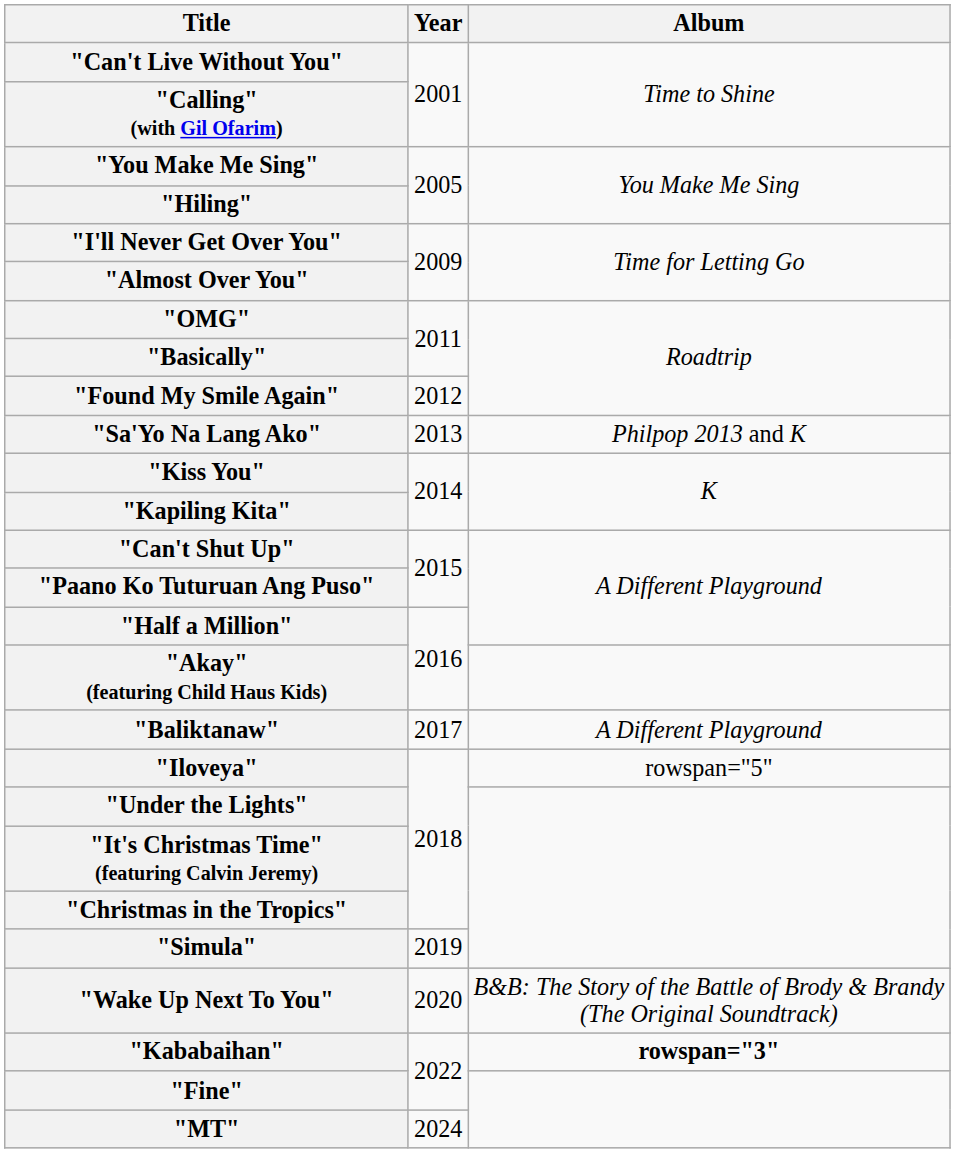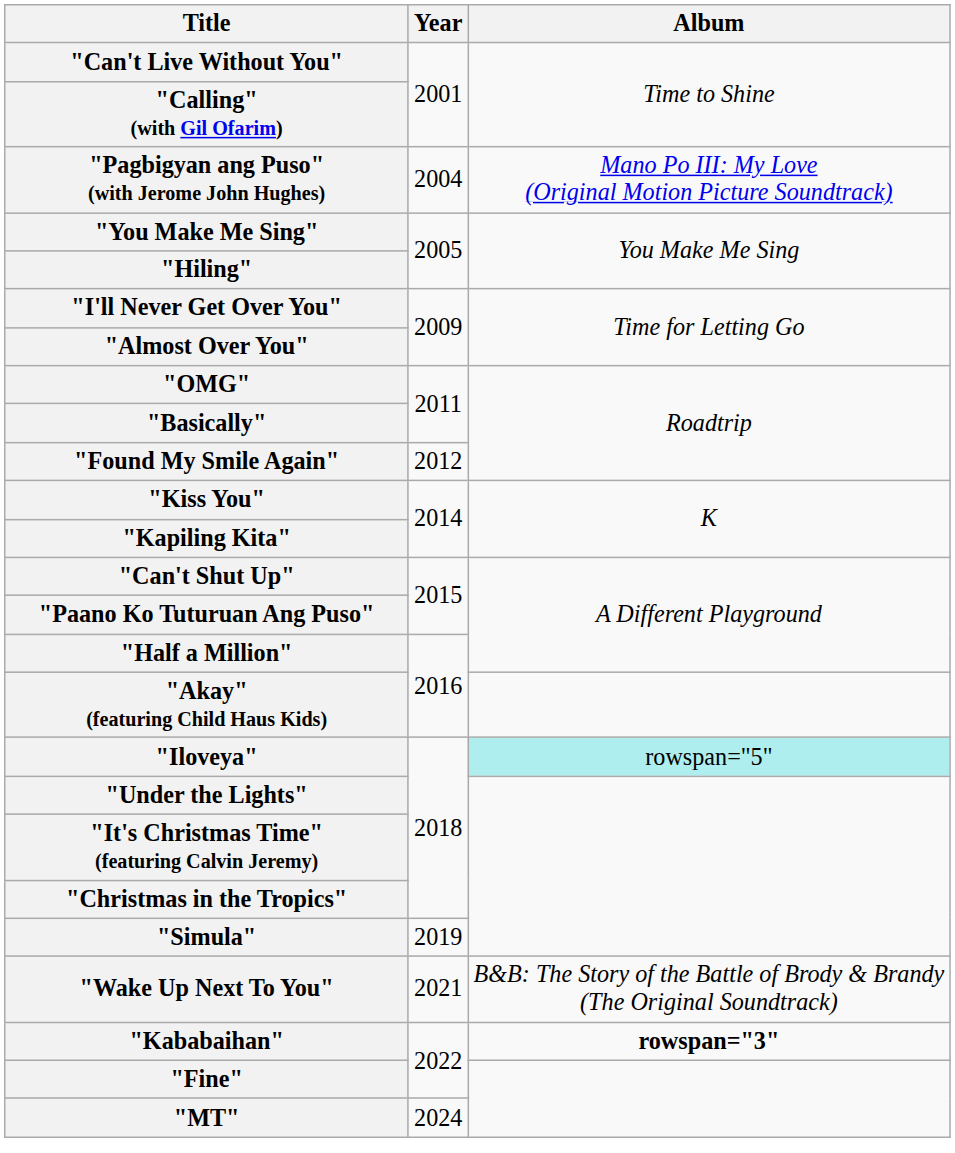 <table class="wikitable plainrowheaders" style="text-align:center;">
 <tr>
 <th scope="col" width="260">Title</th>
 <th scope="col">Year</th>
 <th scope="col">Album</th>
 </tr>
 <tr>
 <th scope="row">"Can't Live Without You"</th>
 <td rowspan=2>2001</td>
 <td rowspan=2><em>Time to Shine</em></td>
 </tr>
 <tr>
 <th scope="row">"Calling" <br><small>(with <a href='#'>Gil Ofarim</a>)<br></small></th>
+</tr>
+<tr>
+<th scope="row">"Pagbigyan ang Puso" <br><small>(with Jerome John Hughes)<br></small></th>
+<td>2004</td>
+<td><em><a href='#'>Mano Po III: My Love <br>(Original Motion Picture Soundtrack)</a><br></em></td>
 </tr>
 <tr>
 <th scope="row">"You Make Me Sing"</th>
 <td rowspan=2>2005</td>
 <td rowspan=2><em>You Make Me Sing</em></td>
 </tr>
 <tr>
 <th scope="row">"Hiling"</th>
 </tr>
 <tr>
 <th scope="row">"I'll Never Get Over You"</th>
 <td rowspan=2>2009</td>
 <td rowspan=2><em>Time for Letting Go</em></td>
 </tr>
 <tr>
 <th scope="row">"Almost Over You"</th>
 </tr>
 <tr>
 <th scope="row">"OMG"</th>
 <td rowspan=2>2011</td>
 <td rowspan=3><em>Roadtrip</em></td>
 </tr>
 <tr>
 <th scope="row">"Basically"</th>
 </tr>
 <tr>
 <th scope="row">"Found My Smile Again"</th>
 <td>2012</td>
 </tr>
 <tr>
-<th scope="row">"Sa'Yo Na Lang Ako"</th>
-<td>2013</td>
-<td><em>Philpop 2013</em> and <em>K</em></td>
-</tr>
-<tr>
 <th scope="row">"Kiss You"</th>
 <td rowspan=2>2014</td>
 <td rowspan=2><em>K</em></td>
 </tr>
 <tr>
 <th scope="row">"Kapiling Kita"</th>
 </tr>
 <tr>
 <th scope="row">"Can't Shut Up"</th>
 <td rowspan=2>2015</td>
 <td rowspan=3><em>A Different Playground</em></td>
 </tr>
 <tr>
 <th scope="row">"Paano Ko Tuturuan Ang Puso"</th>
 </tr>
 <tr>
 <th scope="row">"Half a Million"</th>
 <td rowspan=2>2016</td>
 </tr>
 <tr>
 <th scope="row">"Akay" <br><small>(featuring Child Haus Kids)<br></small></th>
 <td></td>
 </tr>
 <tr>
-<th scope="row">"Baliktanaw"</th>
-<td>2017</td>
-<td><em>A Different Playground</em></td>
-</tr>
-<tr>
 <th scope="row">"Iloveya"</th>
 <td rowspan=4>2018</td>
-<td>rowspan="5" </td>
+<td style="background: paleturquoise;">rowspan="5" </td>
 </tr>
 <tr>
 <th scope="row">"Under the Lights"</th>
 </tr>
 <tr>
 <th scope="row">"It's Christmas Time" <br><small>(featuring Calvin Jeremy)<br></small></th>
 </tr>
 <tr>
 <th scope="row">"Christmas in the Tropics"</th>
 </tr>
 <tr>
 <th scope="row">"Simula"</th>
 <td>2019</td>
 </tr>
 <tr>
 <th scope="row">"Wake Up Next To You"</th>
-<td>2020</td>
+<td>2021</td>
 <td><em>B&B: The Story of the Battle of Brody & Brandy  <br>(The Original Soundtrack)</em></td>
 </tr>
 <tr>
 <th scope="row">"Kababaihan"</th>
 <td rowspan=2>2022</td>
 <td><strong>rowspan="3" </strong></td>
 </tr>
 <tr>
 <th scope="row">"Fine"</th>
 </tr>
 <tr>
 <th scope="row">"MT"</th>
 <td>2024</td>
 </tr>
 </table>
